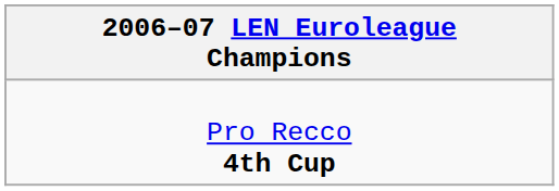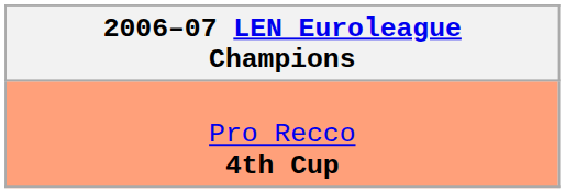 <table class="wikitable" style="margin: 0 auto; width: 30%;">
 <tr>
 <th>2006–07 <a href='#'>LEN Euroleague</a><br>Champions</th>
 </tr>
 <tr>
-<td align=center><br><a href='#'>Pro Recco</a><br><strong>4th Cup</strong></td>
+<td align=center style="background: lightsalmon;"><br><a href='#'>Pro Recco</a><br><strong>4th Cup</strong></td>
 </tr>
 </table>
